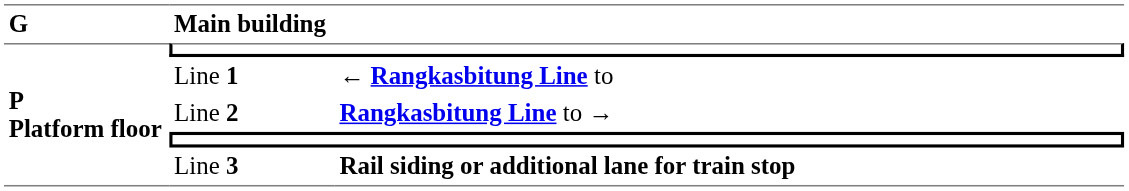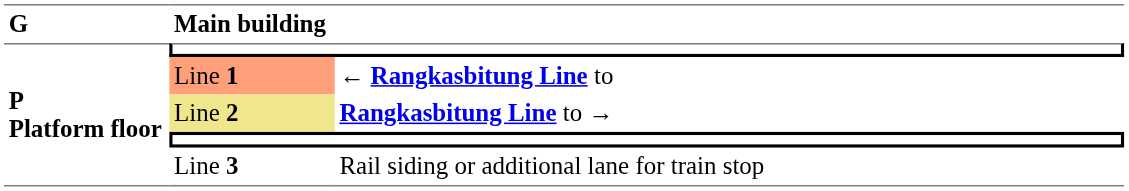 <table cellspacing=0 cellpadding=3>
 <tr>
 <td width=100 style="border-top:solid 1px gray;"><strong>G</strong></td>
 <td width=600 style="border-top:solid 1px gray;" colspan="2"><strong>Main building</strong></td>
 </tr>
 <tr>
 <td rowspan="5" style="border-top:solid 1px gray; border-bottom:solid 1px gray" width=100><strong>P<br>Platform floor</strong></td>
 <td colspan="2" style="border-top:solid 1px gray;border-right:solid 2px black;border-left:solid 2px black;border-bottom:solid 2px black;text-align:center;"></td>
 </tr>
 <tr>
-<td width=100>Line <strong>1</strong></td>
+<td width=100 style="background: lightsalmon;">Line <strong>1</strong></td>
 <td width=500>←   <strong><a href='#'>Rangkasbitung Line</a></strong> to </td>
 </tr>
 <tr>
-<td>Line <strong>2</strong></td>
+<td style="background: khaki;">Line <strong>2</strong></td>
 <td> <strong><a href='#'>Rangkasbitung Line</a></strong> to   →</td>
 </tr>
 <tr>
 <td colspan="2" style="border-top:solid 2px black;border-right:solid 2px black;border-left:solid 2px black;border-bottom:solid 2px black;text-align:center;"></td>
 </tr>
 <tr>
 <td style="border-bottom:solid 1px gray;">Line <strong>3</strong></td>
-<td style="border-bottom:solid 1px gray;"><strong>Rail siding or additional lane for train stop</strong></td>
+<td style="border-bottom:solid 1px gray;">Rail siding or additional lane for train stop</td>
 </tr>
 </table>
